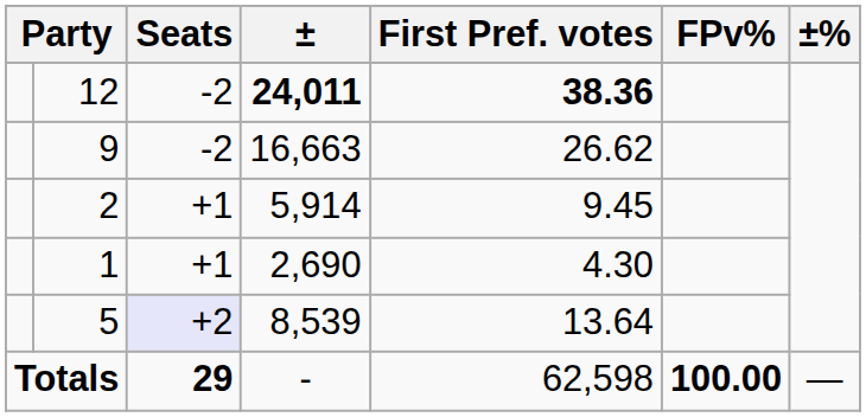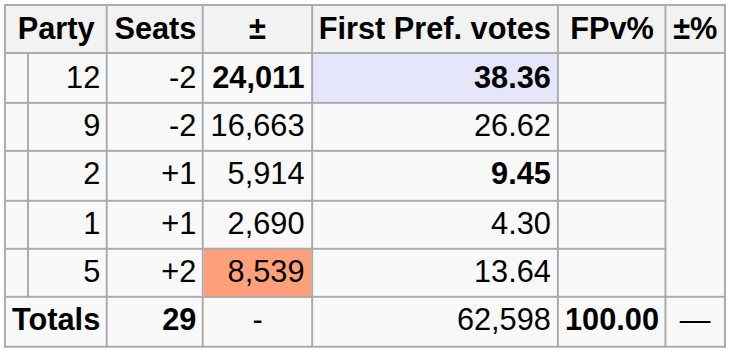 <table class=wikitable>
 <tr>
 <th colspan=2 align=center>Party</th>
 <th valign=top>Seats</th>
 <th valign=top>±</th>
 <th valign=top>First Pref. votes</th>
 <th valign=top>FPv%</th>
 <th valign=top>±%</th>
 </tr>
 <tr>
 <td></td>
 <td align=right>12</td>
 <td align=right>-2</td>
 <td align=right><strong>24,011</strong></td>
-<td align=right><strong>38.36</strong></td>
+<td align=right style="background: lavender;"><strong>38.36</strong></td>
 <td align=right></td>
 </tr>
 <tr>
 <td></td>
 <td align=right>9</td>
 <td align=right>-2</td>
 <td align=right>16,663</td>
 <td align=right>26.62</td>
 <td align=right></td>
 </tr>
 <tr>
 <td></td>
 <td align=right>2</td>
 <td align=right>+1</td>
 <td align=right>5,914</td>
-<td align=right>9.45</td>
+<td align=right><strong>9.45</strong></td>
 <td align=right></td>
 </tr>
 <tr>
 <td></td>
 <td align=right>1</td>
 <td align=right>+1</td>
 <td align=right>2,690</td>
 <td align=right>4.30</td>
 <td align=right></td>
 </tr>
 <tr>
 <td></td>
 <td align=right>5</td>
-<td align=right style="background: lavender;">+2</td>
-<td align=right>8,539</td>
+<td align=right>+2</td>
+<td align=right style="background: lightsalmon;">8,539</td>
 <td align=right>13.64</td>
 <td align=right></td>
 </tr>
 <tr>
 <td colspan=2 align=center><strong>Totals</strong></td>
 <td align=right><strong>29</strong></td>
 <td align=center>-</td>
 <td align=right>62,598</td>
 <td align=center><strong>100.00</strong></td>
 <td align=center>—</td>
 </tr>
 </table>
